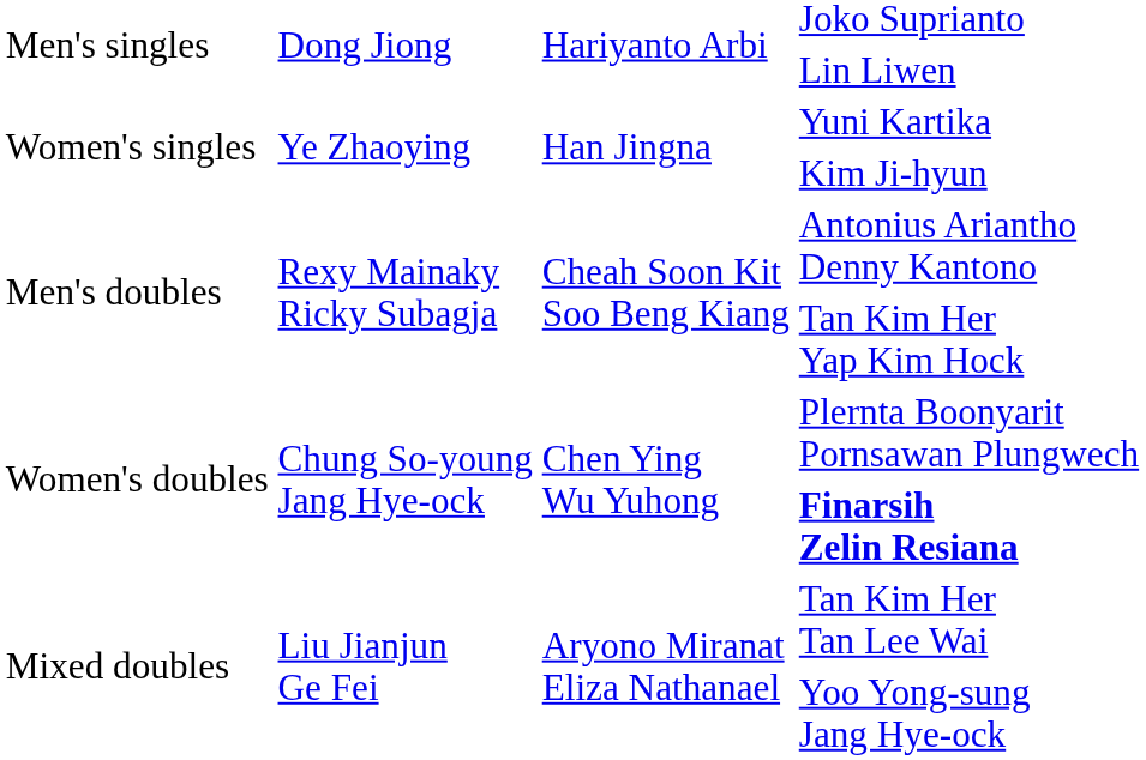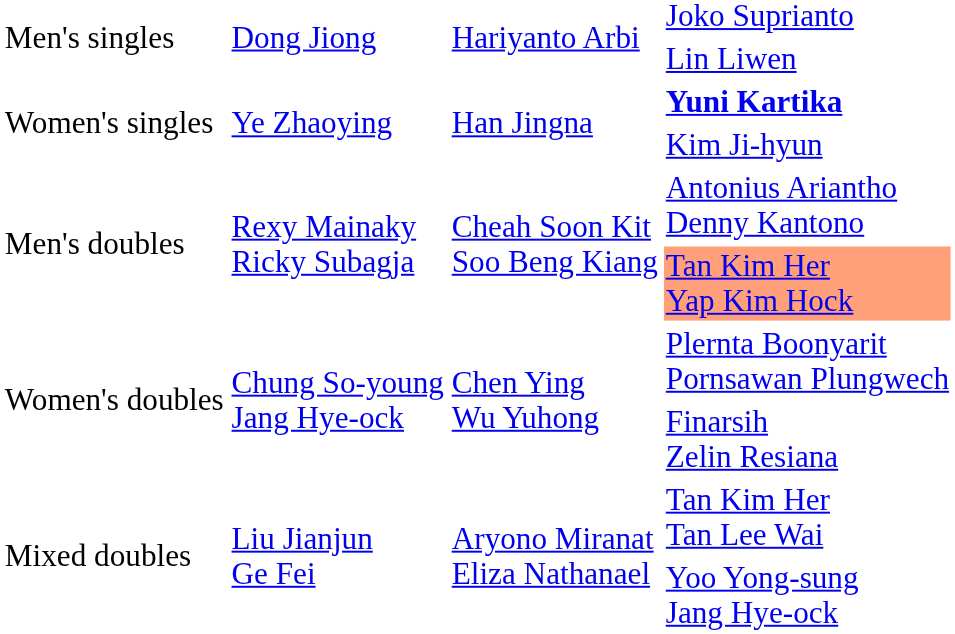 <table>
 <tr>
 <td rowspan=2>Men's singles</td>
 <td rowspan=2> <a href='#'>Dong Jiong</a></td>
 <td rowspan=2> <a href='#'>Hariyanto Arbi</a></td>
 <td> <a href='#'>Joko Suprianto</a></td>
 </tr>
 <tr>
 <td> <a href='#'>Lin Liwen</a></td>
 </tr>
 <tr>
 <td rowspan=2>Women's singles</td>
 <td rowspan=2> <a href='#'>Ye Zhaoying</a></td>
 <td rowspan=2> <a href='#'>Han Jingna</a></td>
-<td> <a href='#'>Yuni Kartika</a></td>
+<td><strong> <a href='#'>Yuni Kartika</a></strong></td>
 </tr>
 <tr>
 <td> <a href='#'>Kim Ji-hyun</a></td>
 </tr>
 <tr>
 <td rowspan=2>Men's doubles</td>
 <td rowspan=2> <a href='#'>Rexy Mainaky</a> <br>  <a href='#'>Ricky Subagja</a></td>
 <td rowspan=2> <a href='#'>Cheah Soon Kit</a><br> <a href='#'>Soo Beng Kiang</a></td>
 <td> <a href='#'>Antonius Ariantho</a><br> <a href='#'>Denny Kantono</a></td>
 </tr>
 <tr>
-<td> <a href='#'>Tan Kim Her</a><br> <a href='#'>Yap Kim Hock</a></td>
+<td style="background: lightsalmon;"> <a href='#'>Tan Kim Her</a><br> <a href='#'>Yap Kim Hock</a></td>
 </tr>
 <tr>
 <td rowspan=2>Women's doubles</td>
 <td rowspan=2> <a href='#'>Chung So-young</a><br> <a href='#'>Jang Hye-ock</a></td>
 <td rowspan=2> <a href='#'>Chen Ying</a><br> <a href='#'>Wu Yuhong</a></td>
 <td> <a href='#'>Plernta Boonyarit</a><br> <a href='#'>Pornsawan Plungwech</a></td>
 </tr>
 <tr>
-<td><strong> <a href='#'>Finarsih</a><br> <a href='#'>Zelin Resiana</a></strong></td>
+<td> <a href='#'>Finarsih</a><br> <a href='#'>Zelin Resiana</a></td>
 </tr>
 <tr>
 <td rowspan=2>Mixed doubles</td>
 <td rowspan=2> <a href='#'>Liu Jianjun</a><br> <a href='#'>Ge Fei</a></td>
 <td rowspan=2> <a href='#'>Aryono Miranat</a><br> <a href='#'>Eliza Nathanael</a></td>
 <td> <a href='#'>Tan Kim Her</a><br> <a href='#'>Tan Lee Wai</a></td>
 </tr>
 <tr>
 <td> <a href='#'>Yoo Yong-sung</a><br> <a href='#'>Jang Hye-ock</a></td>
 </tr>
 </table>
